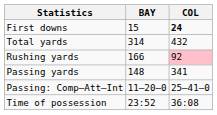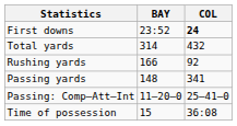 <table class="wikitable" style="float: left;">
 <tr>
 <th>Statistics</th>
 <th>BAY</th>
 <th>COL</th>
 </tr>
 <tr>
 <td>First downs</td>
-<td>15</td>
+<td>23:52</td>
 <td><strong>24</strong></td>
 </tr>
 <tr>
 <td>Total yards</td>
 <td>314</td>
 <td>432</td>
 </tr>
 <tr>
 <td>Rushing yards</td>
 <td>166</td>
-<td style="background: pink;">92</td>
+<td>92</td>
 </tr>
 <tr>
 <td>Passing yards</td>
 <td>148</td>
 <td>341</td>
 </tr>
 <tr>
 <td>Passing: Comp–Att–Int</td>
 <td>11–20–0</td>
 <td>25–41–0</td>
 </tr>
 <tr>
 <td>Time of possession</td>
-<td>23:52</td>
+<td>15</td>
 <td>36:08</td>
 </tr>
 </table>
